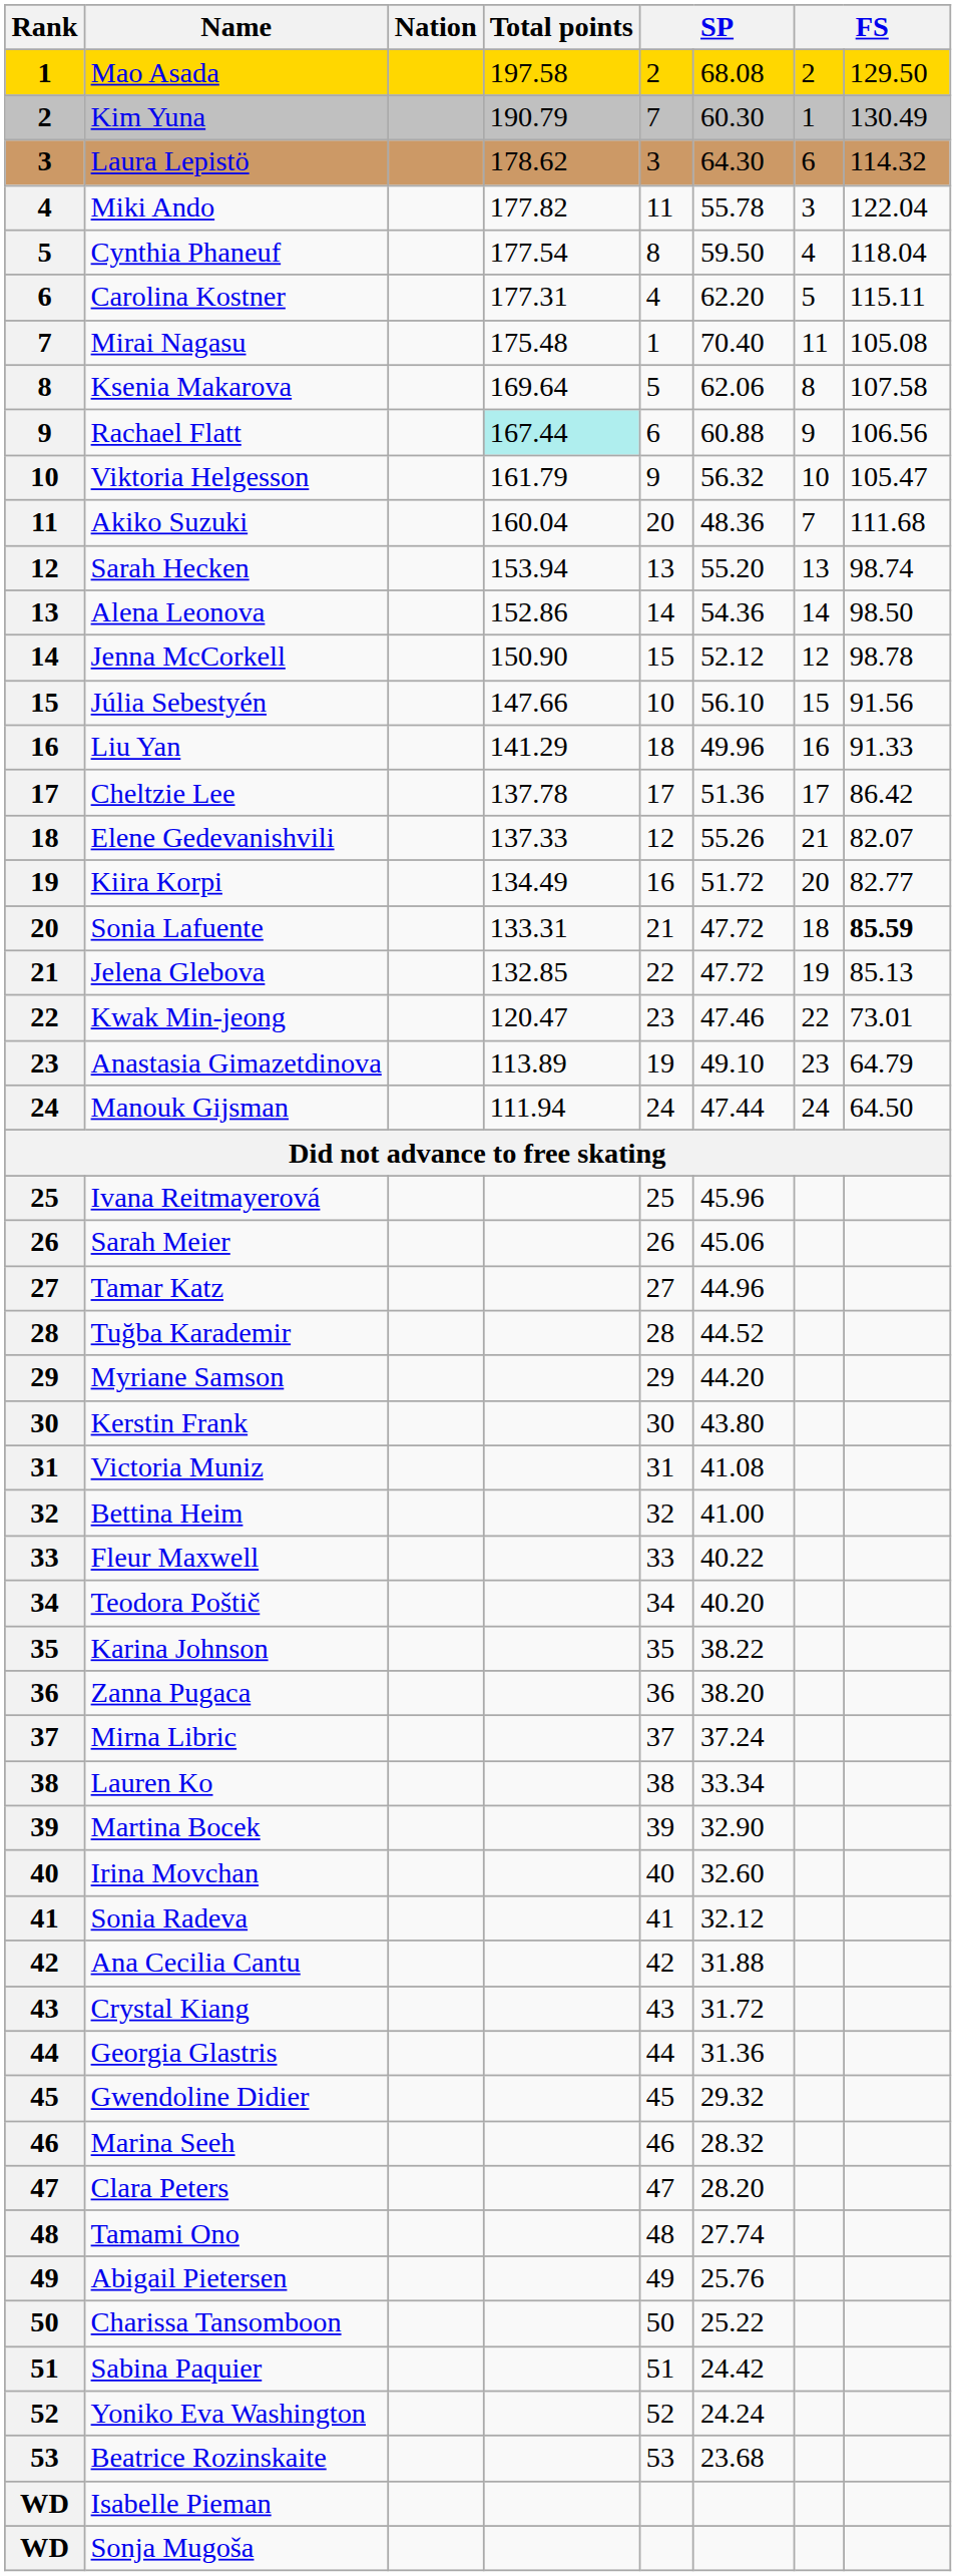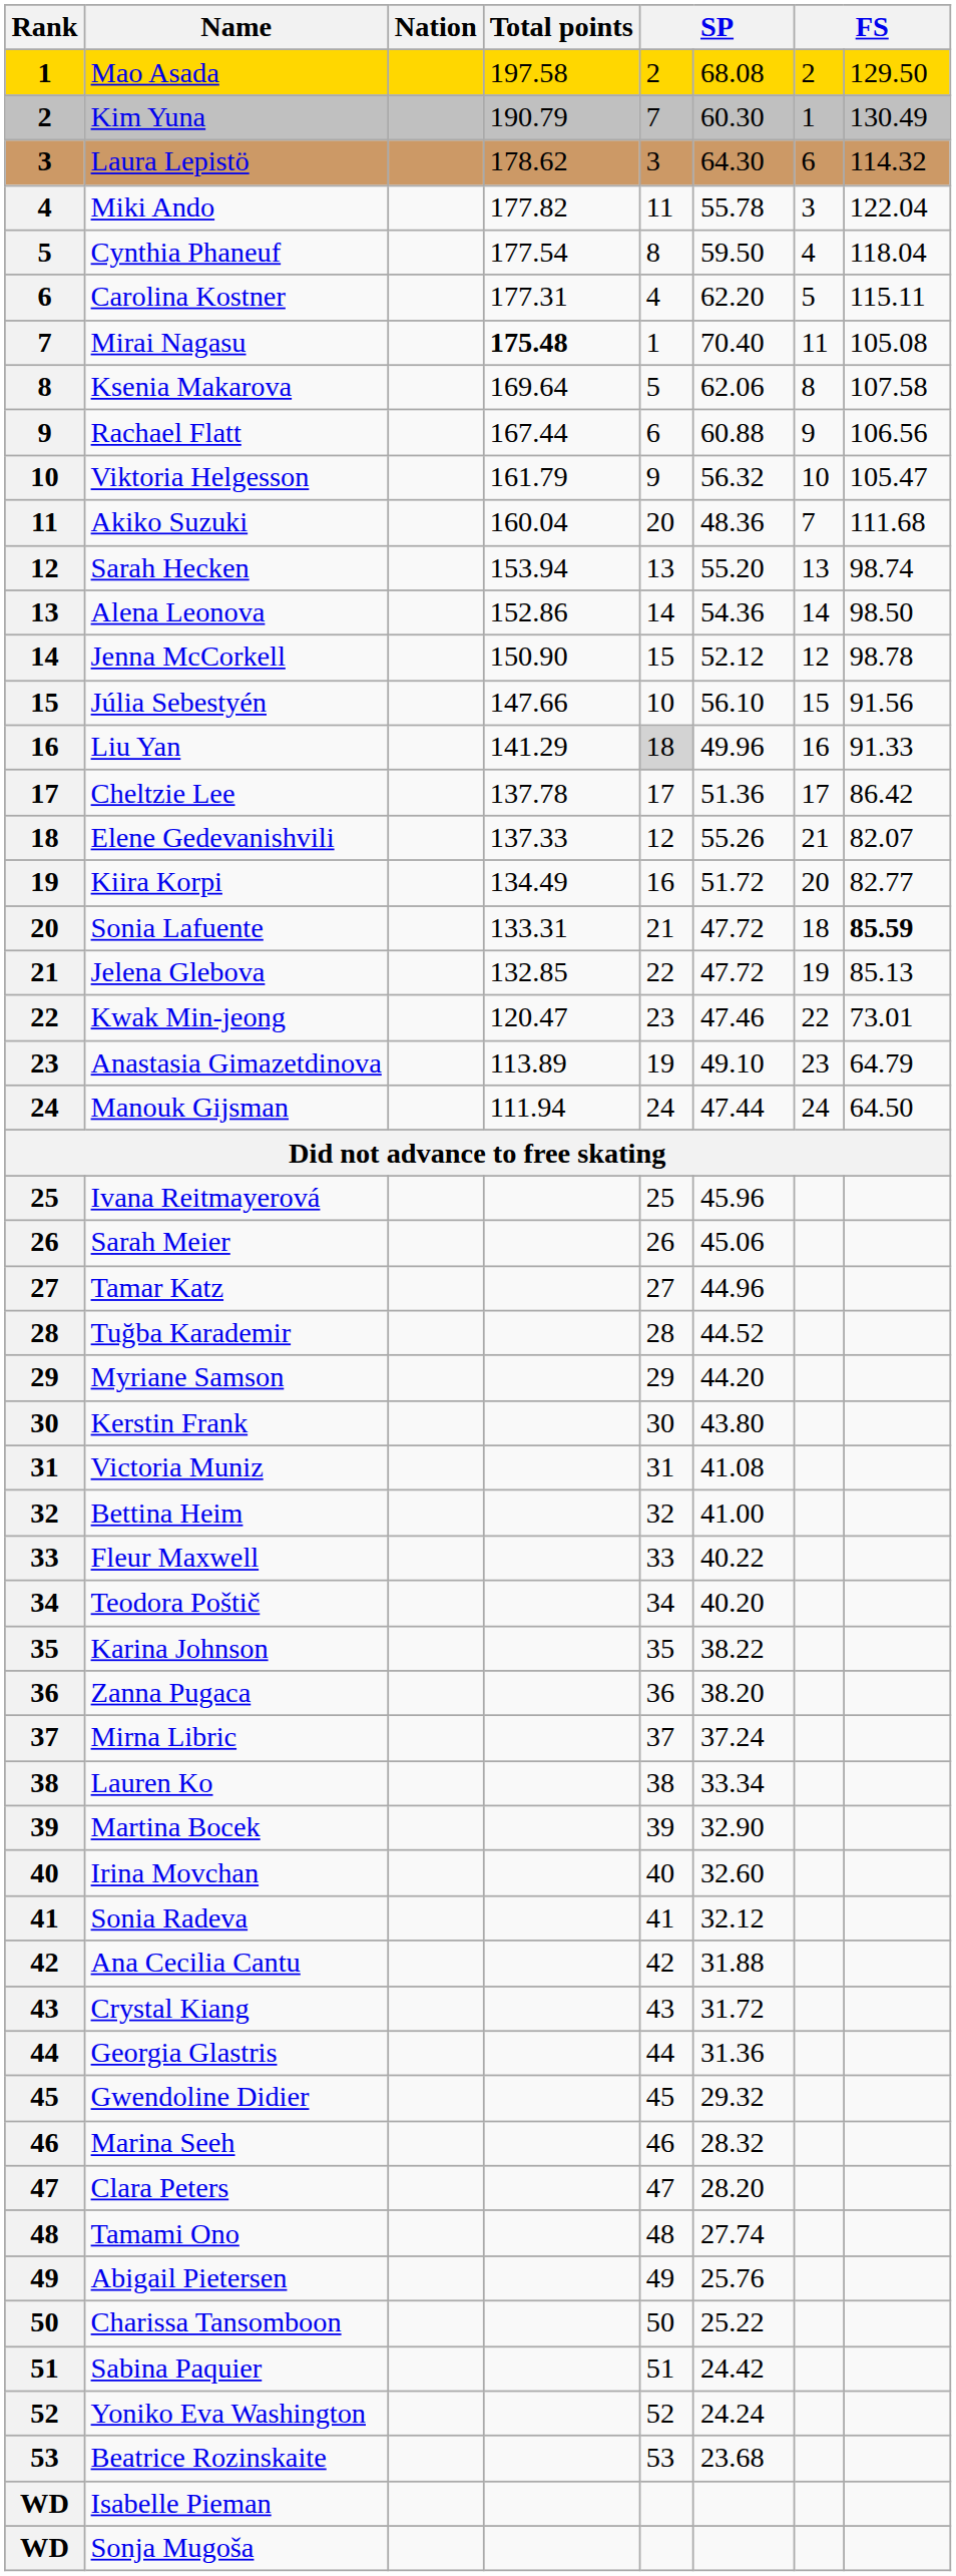 <table class="wikitable sortable">
 <tr>
 <th>Rank</th>
 <th>Name</th>
 <th>Nation</th>
 <th>Total points</th>
 <th colspan="2" width="80px"><a href='#'>SP</a></th>
 <th colspan="2" width="80px"><a href='#'>FS</a></th>
 </tr>
 <tr bgcolor=gold>
 <td align=center><strong>1</strong></td>
 <td><a href='#'>Mao Asada</a></td>
 <td></td>
 <td>197.58</td>
 <td>2</td>
 <td>68.08</td>
 <td>2</td>
 <td>129.50</td>
 </tr>
 <tr bgcolor=silver>
 <td align=center><strong>2</strong></td>
 <td><a href='#'>Kim Yuna</a></td>
 <td></td>
 <td>190.79</td>
 <td>7</td>
 <td>60.30</td>
 <td>1</td>
 <td>130.49</td>
 </tr>
 <tr bgcolor=cc9966>
 <td align=center><strong>3</strong></td>
 <td><a href='#'>Laura Lepistö</a></td>
 <td></td>
 <td>178.62</td>
 <td>3</td>
 <td>64.30</td>
 <td>6</td>
 <td>114.32</td>
 </tr>
 <tr>
 <th>4</th>
 <td><a href='#'>Miki Ando</a></td>
 <td></td>
 <td>177.82</td>
 <td>11</td>
 <td>55.78</td>
 <td>3</td>
 <td>122.04</td>
 </tr>
 <tr>
 <th>5</th>
 <td><a href='#'>Cynthia Phaneuf</a></td>
 <td></td>
 <td>177.54</td>
 <td>8</td>
 <td>59.50</td>
 <td>4</td>
 <td>118.04</td>
 </tr>
 <tr>
 <th>6</th>
 <td><a href='#'>Carolina Kostner</a></td>
 <td></td>
 <td>177.31</td>
 <td>4</td>
 <td>62.20</td>
 <td>5</td>
 <td>115.11</td>
 </tr>
 <tr>
 <th>7</th>
 <td><a href='#'>Mirai Nagasu</a></td>
 <td></td>
-<td>175.48</td>
+<td><strong>175.48</strong></td>
 <td>1</td>
 <td>70.40</td>
 <td>11</td>
 <td>105.08</td>
 </tr>
 <tr>
 <th>8</th>
 <td><a href='#'>Ksenia Makarova</a></td>
 <td></td>
 <td>169.64</td>
 <td>5</td>
 <td>62.06</td>
 <td>8</td>
 <td>107.58</td>
 </tr>
 <tr>
 <th>9</th>
 <td><a href='#'>Rachael Flatt</a></td>
 <td></td>
-<td style="background: paleturquoise;">167.44</td>
+<td>167.44</td>
 <td>6</td>
 <td>60.88</td>
 <td>9</td>
 <td>106.56</td>
 </tr>
 <tr>
 <th>10</th>
 <td><a href='#'>Viktoria Helgesson</a></td>
 <td></td>
 <td>161.79</td>
 <td>9</td>
 <td>56.32</td>
 <td>10</td>
 <td>105.47</td>
 </tr>
 <tr>
 <th>11</th>
 <td><a href='#'>Akiko Suzuki</a></td>
 <td></td>
 <td>160.04</td>
 <td>20</td>
 <td>48.36</td>
 <td>7</td>
 <td>111.68</td>
 </tr>
 <tr>
 <th>12</th>
 <td><a href='#'>Sarah Hecken</a></td>
 <td></td>
 <td>153.94</td>
 <td>13</td>
 <td>55.20</td>
 <td>13</td>
 <td>98.74</td>
 </tr>
 <tr>
 <th>13</th>
 <td><a href='#'>Alena Leonova</a></td>
 <td></td>
 <td>152.86</td>
 <td>14</td>
 <td>54.36</td>
 <td>14</td>
 <td>98.50</td>
 </tr>
 <tr>
 <th>14</th>
 <td><a href='#'>Jenna McCorkell</a></td>
 <td></td>
 <td>150.90</td>
 <td>15</td>
 <td>52.12</td>
 <td>12</td>
 <td>98.78</td>
 </tr>
 <tr>
 <th>15</th>
 <td><a href='#'>Júlia Sebestyén</a></td>
 <td></td>
 <td>147.66</td>
 <td>10</td>
 <td>56.10</td>
 <td>15</td>
 <td>91.56</td>
 </tr>
 <tr>
 <th>16</th>
 <td><a href='#'>Liu Yan</a></td>
 <td></td>
 <td>141.29</td>
-<td>18</td>
+<td style="background: lightgrey;">18</td>
 <td>49.96</td>
 <td>16</td>
 <td>91.33</td>
 </tr>
 <tr>
 <th>17</th>
 <td><a href='#'>Cheltzie Lee</a></td>
 <td></td>
 <td>137.78</td>
 <td>17</td>
 <td>51.36</td>
 <td>17</td>
 <td>86.42</td>
 </tr>
 <tr>
 <th>18</th>
 <td><a href='#'>Elene Gedevanishvili</a></td>
 <td></td>
 <td>137.33</td>
 <td>12</td>
 <td>55.26</td>
 <td>21</td>
 <td>82.07</td>
 </tr>
 <tr>
 <th>19</th>
 <td><a href='#'>Kiira Korpi</a></td>
 <td></td>
 <td>134.49</td>
 <td>16</td>
 <td>51.72</td>
 <td>20</td>
 <td>82.77</td>
 </tr>
 <tr>
 <th>20</th>
 <td><a href='#'>Sonia Lafuente</a></td>
 <td></td>
 <td>133.31</td>
 <td>21</td>
 <td>47.72</td>
 <td>18</td>
 <td><strong>85.59</strong></td>
 </tr>
 <tr>
 <th>21</th>
 <td><a href='#'>Jelena Glebova</a></td>
 <td></td>
 <td>132.85</td>
 <td>22</td>
 <td>47.72</td>
 <td>19</td>
 <td>85.13</td>
 </tr>
 <tr>
 <th>22</th>
 <td><a href='#'>Kwak Min-jeong</a></td>
 <td></td>
 <td>120.47</td>
 <td>23</td>
 <td>47.46</td>
 <td>22</td>
 <td>73.01</td>
 </tr>
 <tr>
 <th>23</th>
 <td><a href='#'>Anastasia Gimazetdinova</a></td>
 <td></td>
 <td>113.89</td>
 <td>19</td>
 <td>49.10</td>
 <td>23</td>
 <td>64.79</td>
 </tr>
 <tr>
 <th>24</th>
 <td><a href='#'>Manouk Gijsman</a></td>
 <td></td>
 <td>111.94</td>
 <td>24</td>
 <td>47.44</td>
 <td>24</td>
 <td>64.50</td>
 </tr>
 <tr>
 <th colspan=8>Did not advance to free skating</th>
 </tr>
 <tr>
 <th>25</th>
 <td><a href='#'>Ivana Reitmayerová</a></td>
 <td></td>
 <td></td>
 <td>25</td>
 <td>45.96</td>
 <td></td>
 <td></td>
 </tr>
 <tr>
 <th>26</th>
 <td><a href='#'>Sarah Meier</a></td>
 <td></td>
 <td></td>
 <td>26</td>
 <td>45.06</td>
 <td></td>
 <td></td>
 </tr>
 <tr>
 <th>27</th>
 <td><a href='#'>Tamar Katz</a></td>
 <td></td>
 <td></td>
 <td>27</td>
 <td>44.96</td>
 <td></td>
 <td></td>
 </tr>
 <tr>
 <th>28</th>
 <td><a href='#'>Tuğba Karademir</a></td>
 <td></td>
 <td></td>
 <td>28</td>
 <td>44.52</td>
 <td></td>
 <td></td>
 </tr>
 <tr>
 <th>29</th>
 <td><a href='#'>Myriane Samson</a></td>
 <td></td>
 <td></td>
 <td>29</td>
 <td>44.20</td>
 <td></td>
 <td></td>
 </tr>
 <tr>
 <th>30</th>
 <td><a href='#'>Kerstin Frank</a></td>
 <td></td>
 <td></td>
 <td>30</td>
 <td>43.80</td>
 <td></td>
 <td></td>
 </tr>
 <tr>
 <th>31</th>
 <td><a href='#'>Victoria Muniz</a></td>
 <td></td>
 <td></td>
 <td>31</td>
 <td>41.08</td>
 <td></td>
 <td></td>
 </tr>
 <tr>
 <th>32</th>
 <td><a href='#'>Bettina Heim</a></td>
 <td></td>
 <td></td>
 <td>32</td>
 <td>41.00</td>
 <td></td>
 <td></td>
 </tr>
 <tr>
 <th>33</th>
 <td><a href='#'>Fleur Maxwell</a></td>
 <td></td>
 <td></td>
 <td>33</td>
 <td>40.22</td>
 <td></td>
 <td></td>
 </tr>
 <tr>
 <th>34</th>
 <td><a href='#'>Teodora Poštič</a></td>
 <td></td>
 <td></td>
 <td>34</td>
 <td>40.20</td>
 <td></td>
 <td></td>
 </tr>
 <tr>
 <th>35</th>
 <td><a href='#'>Karina Johnson</a></td>
 <td></td>
 <td></td>
 <td>35</td>
 <td>38.22</td>
 <td></td>
 <td></td>
 </tr>
 <tr>
 <th>36</th>
 <td><a href='#'>Zanna Pugaca</a></td>
 <td></td>
 <td></td>
 <td>36</td>
 <td>38.20</td>
 <td></td>
 <td></td>
 </tr>
 <tr>
 <th>37</th>
 <td><a href='#'>Mirna Libric</a></td>
 <td></td>
 <td></td>
 <td>37</td>
 <td>37.24</td>
 <td></td>
 <td></td>
 </tr>
 <tr>
 <th>38</th>
 <td><a href='#'>Lauren Ko</a></td>
 <td></td>
 <td></td>
 <td>38</td>
 <td>33.34</td>
 <td></td>
 <td></td>
 </tr>
 <tr>
 <th>39</th>
 <td><a href='#'>Martina Bocek</a></td>
 <td></td>
 <td></td>
 <td>39</td>
 <td>32.90</td>
 <td></td>
 <td></td>
 </tr>
 <tr>
 <th>40</th>
 <td><a href='#'>Irina Movchan</a></td>
 <td></td>
 <td></td>
 <td>40</td>
 <td>32.60</td>
 <td></td>
 <td></td>
 </tr>
 <tr>
 <th>41</th>
 <td><a href='#'>Sonia Radeva</a></td>
 <td></td>
 <td></td>
 <td>41</td>
 <td>32.12</td>
 <td></td>
 <td></td>
 </tr>
 <tr>
 <th>42</th>
 <td><a href='#'>Ana Cecilia Cantu</a></td>
 <td></td>
 <td></td>
 <td>42</td>
 <td>31.88</td>
 <td></td>
 <td></td>
 </tr>
 <tr>
 <th>43</th>
 <td><a href='#'>Crystal Kiang</a></td>
 <td></td>
 <td></td>
 <td>43</td>
 <td>31.72</td>
 <td></td>
 <td></td>
 </tr>
 <tr>
 <th>44</th>
 <td><a href='#'>Georgia Glastris</a></td>
 <td></td>
 <td></td>
 <td>44</td>
 <td>31.36</td>
 <td></td>
 <td></td>
 </tr>
 <tr>
 <th>45</th>
 <td><a href='#'>Gwendoline Didier</a></td>
 <td></td>
 <td></td>
 <td>45</td>
 <td>29.32</td>
 <td></td>
 <td></td>
 </tr>
 <tr>
 <th>46</th>
 <td><a href='#'>Marina Seeh</a></td>
 <td></td>
 <td></td>
 <td>46</td>
 <td>28.32</td>
 <td></td>
 <td></td>
 </tr>
 <tr>
 <th>47</th>
 <td><a href='#'>Clara Peters</a></td>
 <td></td>
 <td></td>
 <td>47</td>
 <td>28.20</td>
 <td></td>
 <td></td>
 </tr>
 <tr>
 <th>48</th>
 <td><a href='#'>Tamami Ono</a></td>
 <td></td>
 <td></td>
 <td>48</td>
 <td>27.74</td>
 <td></td>
 <td></td>
 </tr>
 <tr>
 <th>49</th>
 <td><a href='#'>Abigail Pietersen</a></td>
 <td></td>
 <td></td>
 <td>49</td>
 <td>25.76</td>
 <td></td>
 <td></td>
 </tr>
 <tr>
 <th>50</th>
 <td><a href='#'>Charissa Tansomboon</a></td>
 <td></td>
 <td></td>
 <td>50</td>
 <td>25.22</td>
 <td></td>
 <td></td>
 </tr>
 <tr>
 <th>51</th>
 <td><a href='#'>Sabina Paquier</a></td>
 <td></td>
 <td></td>
 <td>51</td>
 <td>24.42</td>
 <td></td>
 <td></td>
 </tr>
 <tr>
 <th>52</th>
 <td><a href='#'>Yoniko Eva Washington</a></td>
 <td></td>
 <td></td>
 <td>52</td>
 <td>24.24</td>
 <td></td>
 <td></td>
 </tr>
 <tr>
 <th>53</th>
 <td><a href='#'>Beatrice Rozinskaite</a></td>
 <td></td>
 <td></td>
 <td>53</td>
 <td>23.68</td>
 <td></td>
 <td></td>
 </tr>
 <tr>
 <th>WD</th>
 <td><a href='#'>Isabelle Pieman</a></td>
 <td></td>
 <td></td>
 <td></td>
 <td></td>
 <td></td>
 <td></td>
 </tr>
 <tr>
 <th>WD</th>
 <td><a href='#'>Sonja Mugoša</a></td>
 <td></td>
 <td></td>
 <td></td>
 <td></td>
 <td></td>
 <td></td>
 </tr>
 </table>
